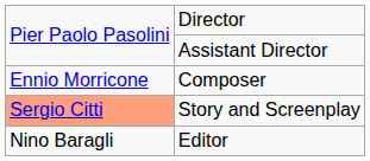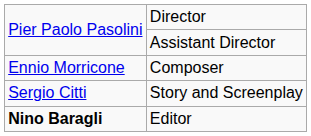 <table class="wikitable">
 <tr>
 <td rowspan="2"><a href='#'>Pier Paolo Pasolini</a></td>
 <td>Director</td>
 </tr>
 <tr>
 <td>Assistant Director</td>
 </tr>
 <tr>
 <td><a href='#'>Ennio Morricone</a></td>
 <td>Composer</td>
 </tr>
 <tr>
-<td style="background: lightsalmon;"><a href='#'>Sergio Citti</a></td>
+<td><a href='#'>Sergio Citti</a></td>
 <td>Story and Screenplay</td>
 </tr>
 <tr>
-<td>Nino Baragli</td>
+<td><strong>Nino Baragli</strong></td>
 <td>Editor</td>
 </tr>
 </table>
